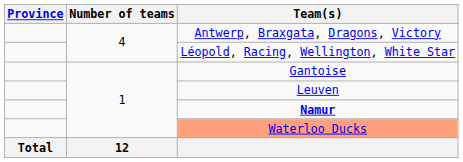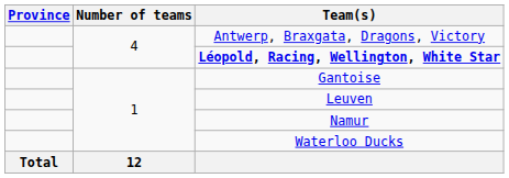 <table class="wikitable" style="text-align:center">
 <tr>
 <th><a href='#'>Province</a></th>
 <th>Number of teams</th>
 <th>Team(s)</th>
 </tr>
 <tr>
 <td align="left"></td>
 <td rowspan=2>4</td>
 <td><a href='#'>Antwerp</a>, <a href='#'>Braxgata</a>, <a href='#'>Dragons</a>, <a href='#'>Victory</a></td>
 </tr>
 <tr>
 <td align="left"></td>
-<td><a href='#'>Léopold</a>, <a href='#'>Racing</a>, <a href='#'>Wellington</a>, <a href='#'>White Star</a></td>
+<td><strong><a href='#'>Léopold</a>, <a href='#'>Racing</a>, <a href='#'>Wellington</a>, <a href='#'>White Star</a></strong></td>
 </tr>
 <tr>
 <td align="left"></td>
 <td rowspan=4>1</td>
 <td><a href='#'>Gantoise</a></td>
 </tr>
 <tr>
 <td align=left></td>
 <td><a href='#'>Leuven</a></td>
 </tr>
 <tr>
 <td align=left></td>
-<td><strong><a href='#'>Namur</a></strong></td>
+<td><a href='#'>Namur</a></td>
 </tr>
 <tr>
 <td align=left></td>
-<td style="background: lightsalmon;"><a href='#'>Waterloo Ducks</a></td>
+<td><a href='#'>Waterloo Ducks</a></td>
 </tr>
 <tr>
 <th>Total</th>
 <th>12</th>
 <th></th>
 </tr>
 </table>
